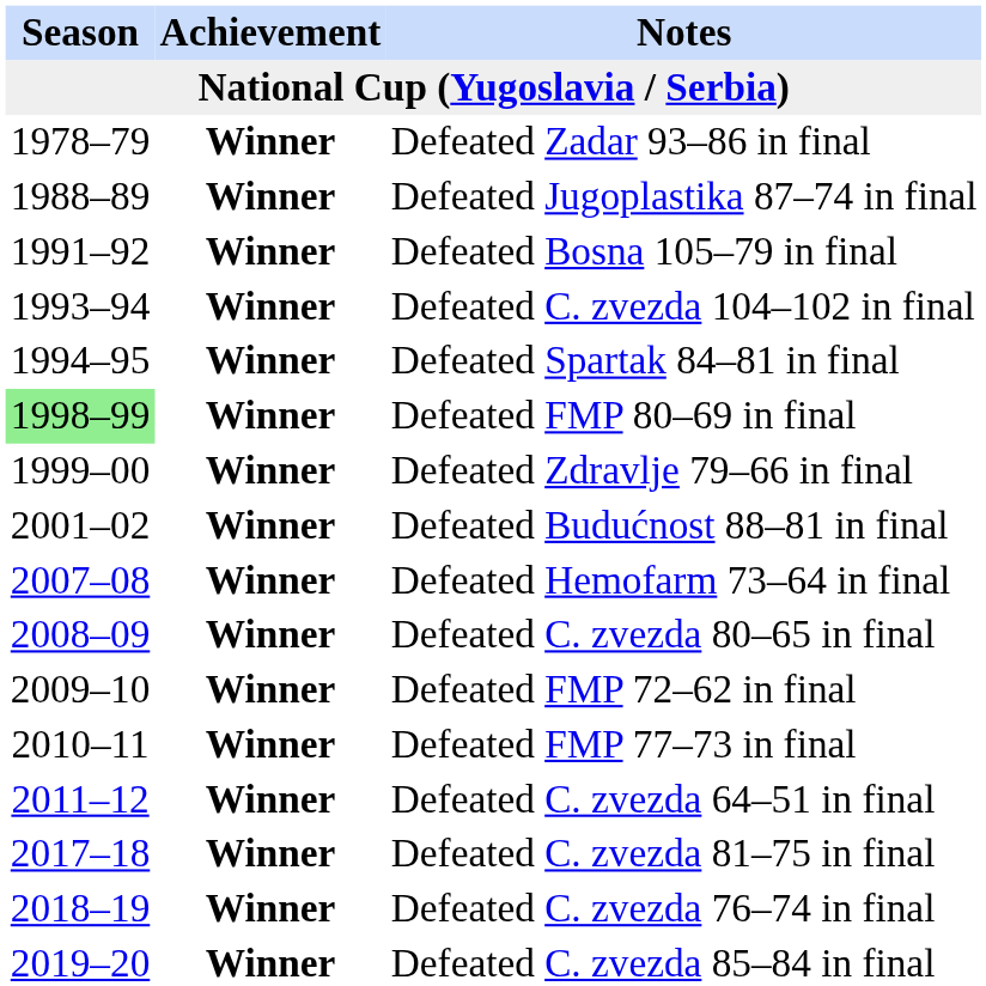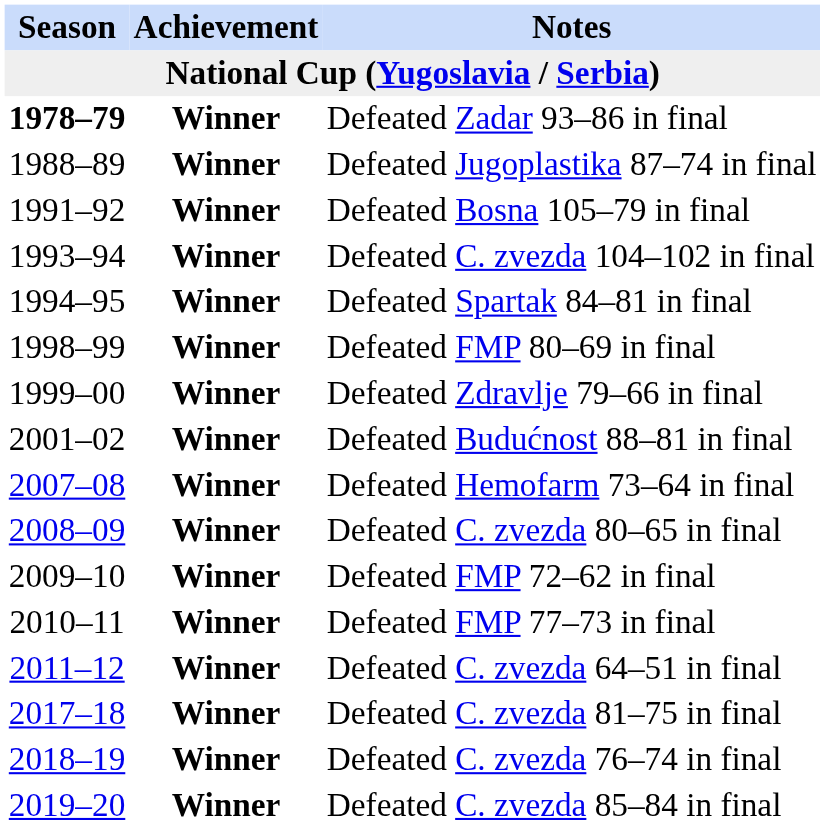 <table class="toccolours" border="0" cellpadding="2" cellspacing="0" align="left" style="margin:0.5em;">
 <tr bgcolor=#CADCFB>
 <th>Season</th>
 <th>Achievement</th>
 <th>Notes</th>
 </tr>
 <tr>
 <th colspan="4" bgcolor=#EFEFEF>National Cup (<a href='#'>Yugoslavia</a> / <a href='#'>Serbia</a>)</th>
 </tr>
 <tr>
-<td align="center">1978–79</td>
+<td align="center"><strong>1978–79</strong></td>
 <td align="center"><strong>Winner</strong></td>
 <td align="left">Defeated <a href='#'>Zadar</a> 93–86 in final</td>
 </tr>
 <tr>
 <td align="center">1988–89</td>
 <td align="center"><strong>Winner</strong></td>
 <td align="left">Defeated <a href='#'>Jugoplastika</a> 87–74 in final</td>
 </tr>
 <tr>
 <td align="center">1991–92</td>
 <td align="center"><strong>Winner</strong></td>
 <td align="left">Defeated <a href='#'>Bosna</a> 105–79 in final</td>
 </tr>
 <tr>
 <td align="center">1993–94</td>
 <td align="center"><strong>Winner</strong></td>
 <td align="left">Defeated <a href='#'>C. zvezda</a> 104–102 in final</td>
 </tr>
 <tr>
 <td align="center">1994–95</td>
 <td align="center"><strong>Winner</strong></td>
 <td align="left">Defeated <a href='#'>Spartak</a> 84–81 in final</td>
 </tr>
 <tr>
-<td align="center" style="background: lightgreen;">1998–99</td>
+<td align="center">1998–99</td>
 <td align="center"><strong>Winner</strong></td>
 <td align="left">Defeated <a href='#'>FMP</a> 80–69 in final</td>
 </tr>
 <tr>
 <td align="center">1999–00</td>
 <td align="center"><strong>Winner</strong></td>
 <td align="left">Defeated <a href='#'>Zdravlje</a> 79–66 in final</td>
 </tr>
 <tr>
 <td align="center">2001–02</td>
 <td align="center"><strong>Winner</strong></td>
 <td align="left">Defeated <a href='#'>Budućnost</a> 88–81 in final</td>
 </tr>
 <tr>
 <td align="center"><a href='#'>2007–08</a></td>
 <td align="center"><strong>Winner</strong></td>
 <td align="left">Defeated <a href='#'>Hemofarm</a> 73–64 in final</td>
 </tr>
 <tr>
 <td align="center"><a href='#'>2008–09</a></td>
 <td align="center"><strong>Winner</strong></td>
 <td align="left">Defeated <a href='#'>C. zvezda</a> 80–65 in final</td>
 </tr>
 <tr>
 <td align="center">2009–10</td>
 <td align="center"><strong>Winner</strong></td>
 <td align="left">Defeated <a href='#'>FMP</a> 72–62 in final</td>
 </tr>
 <tr>
 <td align="center">2010–11</td>
 <td align="center"><strong>Winner</strong></td>
 <td align="left">Defeated <a href='#'>FMP</a> 77–73 in final</td>
 </tr>
 <tr>
 <td align="center"><a href='#'>2011–12</a></td>
 <td align="center"><strong>Winner</strong></td>
 <td align="left">Defeated <a href='#'>C. zvezda</a> 64–51 in final</td>
 </tr>
 <tr>
 <td align="center"><a href='#'>2017–18</a></td>
 <td align="center"><strong>Winner</strong></td>
 <td align="left">Defeated <a href='#'>C. zvezda</a> 81–75 in final</td>
 </tr>
 <tr>
 <td align="center"><a href='#'>2018–19</a></td>
 <td align="center"><strong>Winner</strong></td>
 <td align="left">Defeated <a href='#'>C. zvezda</a> 76–74 in final</td>
 </tr>
 <tr>
 <td align="center"><a href='#'>2019–20</a></td>
 <td align="center"><strong>Winner</strong></td>
 <td align="left">Defeated <a href='#'>C. zvezda</a> 85–84 in final</td>
 </tr>
 </table>
